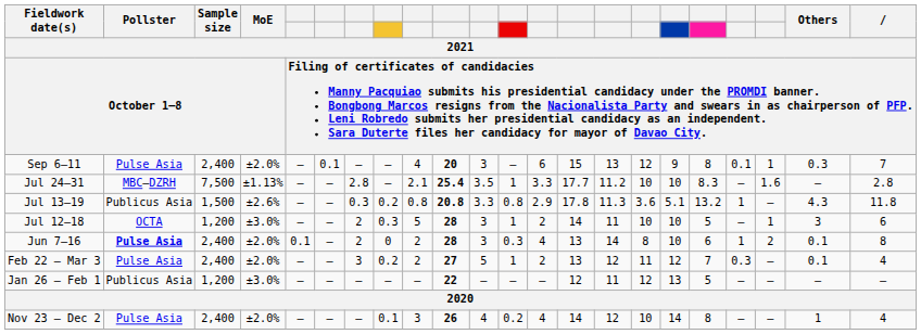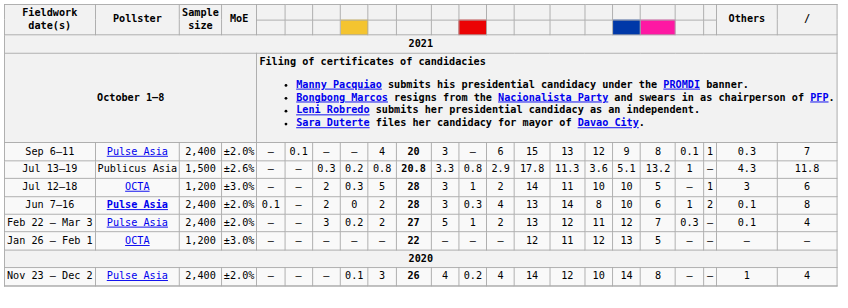 <table class="wikitable sortable" style="text-align:center;font-size:85%;line-height:14px">
 <tr>
 <th rowspan="2">Fieldwork<br>date(s)</th>
 <th rowspan="2">Pollster</th>
 <th rowspan="2">Sample<br>size</th>
 <th rowspan="2"><abbr>MoE</abbr></th>
 <th></th>
 <th></th>
 <th></th>
 <th></th>
 <th></th>
 <th></th>
 <th></th>
 <th></th>
 <th></th>
 <th></th>
 <th></th>
 <th></th>
 <th></th>
 <th></th>
 <th></th>
 <th></th>
 <th rowspan="2" class="unsortable" style="width:60px;">Others</th>
 <th rowspan="2" class="unsortable" style="width:60px;">/<br></th>
 </tr>
 <tr>
 <th></th>
 <th></th>
 <th></th>
 <th style="background:#F4C430;"></th>
 <th></th>
 <th></th>
 <th></th>
 <th style="background:#EB0304;"></th>
 <th></th>
 <th></th>
 <th></th>
 <th></th>
 <th style="background:#0038A8;"></th>
 <th style="background:#FE18A3;"></th>
 <th></th>
 <th></th>
 </tr>
 <tr>
 <th colspan="22">2021</th>
 </tr>
 <tr>
 <th colspan="4">October 1–8</th>
 <th colspan="18" style="text-align: left;">Filing of certificates of candidacies<br><ul><li><a href='#'>Manny Pacquiao</a> submits his presidential candidacy under the <a href='#'>PROMDI</a> banner.</li><li><a href='#'>Bongbong Marcos</a> resigns from the <a href='#'>Nacionalista Party</a> and swears in as chairperson of <a href='#'>PFP</a>.</li><li><a href='#'>Leni Robredo</a> submits her presidential candidacy as an independent.</li><li><a href='#'>Sara Duterte</a> files her candidacy for mayor of <a href='#'>Davao City</a>.</li></ul></th>
 </tr>
 <tr>
 <td data-sort-value="2021-09-11">Sep 6–11</td>
 <td><a href='#'>Pulse Asia</a></td>
 <td>2,400</td>
 <td>±2.0%</td>
 <td>—</td>
 <td>0.1</td>
 <td>—</td>
 <td>—</td>
 <td>4</td>
 <td style="background:#"><strong>20</strong></td>
 <td>3</td>
 <td>—</td>
 <td>6</td>
 <td>15</td>
 <td>13</td>
 <td>12</td>
 <td>9</td>
 <td>8</td>
 <td>0.1</td>
 <td>1</td>
 <td>0.3</td>
 <td>7</td>
-</tr>
-<tr>
-<td data-sort-value="2021-07-31">Jul 24–31</td>
-<td><a href='#'>MBC</a>–<a href='#'>DZRH</a></td>
-<td>7,500</td>
-<td>±1.13%</td>
-<td>—</td>
-<td>—</td>
-<td>2.8</td>
-<td>—</td>
-<td>2.1</td>
-<td style="background:#"><strong>25.4</strong></td>
-<td>3.5</td>
-<td>1</td>
-<td>3.3</td>
-<td>17.7</td>
-<td>11.2</td>
-<td>10</td>
-<td>10</td>
-<td>8.3</td>
-<td>—</td>
-<td>1.6</td>
-<td>—</td>
-<td>2.8</td>
 </tr>
 <tr>
 <td data-sort-value="2021-07-19">Jul 13–19</td>
 <td>Publicus Asia</td>
 <td>1,500</td>
 <td>±2.6%</td>
 <td>—</td>
 <td>—</td>
 <td>0.3</td>
 <td>0.2</td>
 <td>0.8</td>
 <td style="background:#"><strong>20.8</strong></td>
 <td>3.3</td>
 <td>0.8</td>
 <td>2.9</td>
 <td>17.8</td>
 <td>11.3</td>
 <td>3.6</td>
 <td>5.1</td>
 <td>13.2</td>
 <td>1</td>
 <td>—</td>
 <td>4.3</td>
 <td>11.8</td>
 </tr>
 <tr>
 <td data-sort-value="2021-07-18">Jul 12–18</td>
 <td><a href='#'>OCTA</a></td>
 <td>1,200</td>
 <td>±3.0%</td>
 <td>—</td>
 <td>—</td>
 <td>2</td>
 <td>0.3</td>
 <td>5</td>
 <td style="background:#"><strong>28</strong></td>
 <td>3</td>
 <td>1</td>
 <td>2</td>
 <td>14</td>
 <td>11</td>
 <td>10</td>
 <td>10</td>
 <td>5</td>
 <td>—</td>
 <td>1</td>
 <td>3</td>
 <td>6</td>
 </tr>
 <tr>
 <td data-sort-value="2021-07-16">Jun 7–16</td>
 <td><strong><a href='#'>Pulse Asia</a></strong></td>
 <td>2,400</td>
 <td>±2.0%</td>
 <td>0.1</td>
 <td>—</td>
 <td>2</td>
 <td>0</td>
 <td>2</td>
 <td style="background:#"><strong>28</strong></td>
 <td>3</td>
 <td>0.3</td>
 <td>4</td>
 <td>13</td>
 <td>14</td>
 <td>8</td>
 <td>10</td>
 <td>6</td>
 <td>1</td>
 <td>2</td>
 <td>0.1</td>
 <td>8</td>
 </tr>
 <tr>
 <td data-sort-value="2021-03-03">Feb 22 – Mar 3</td>
 <td><a href='#'>Pulse Asia</a></td>
 <td>2,400</td>
 <td>±2.0%</td>
 <td>—</td>
 <td>—</td>
 <td>3</td>
 <td>0.2</td>
 <td>2</td>
 <td style="background:#"><strong>27</strong></td>
 <td>5</td>
 <td>1</td>
 <td>2</td>
 <td>13</td>
 <td>12</td>
 <td>11</td>
 <td>12</td>
 <td>7</td>
 <td>0.3</td>
 <td>—</td>
 <td>0.1</td>
 <td>4</td>
 </tr>
 <tr>
 <td data-sort-value="2021-02-01">Jan 26 – Feb 1</td>
-<td>Publicus Asia</td>
+<td><a href='#'>OCTA</a></td>
 <td>1,200</td>
 <td>±3.0%</td>
 <td>—</td>
 <td>—</td>
 <td>—</td>
 <td>—</td>
 <td>—</td>
 <td style="background:#"><strong>22</strong></td>
 <td>—</td>
 <td>—</td>
 <td>—</td>
 <td>12</td>
 <td>11</td>
 <td>12</td>
 <td>13</td>
 <td>5</td>
 <td>—</td>
 <td>—</td>
 <td>—</td>
 <td>—</td>
 </tr>
 <tr>
 <th colspan="22">2020</th>
 </tr>
 <tr>
 <td data-sort-value="2020-12-02">Nov 23 – Dec 2</td>
 <td><a href='#'>Pulse Asia</a></td>
 <td>2,400</td>
 <td>±2.0%</td>
 <td>—</td>
 <td>—</td>
 <td>—</td>
 <td>0.1</td>
 <td>3</td>
 <td style="background:#"><strong>26</strong></td>
 <td>4</td>
 <td>0.2</td>
 <td>4</td>
 <td>14</td>
 <td>12</td>
 <td>10</td>
 <td>14</td>
 <td>8</td>
 <td>—</td>
 <td>—</td>
 <td>1</td>
 <td>4</td>
 </tr>
 <tr>
 </tr>
 </table>
